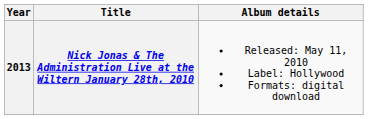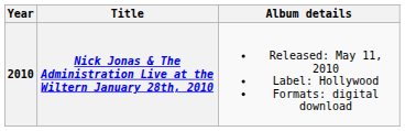 <table class="wikitable plainrowheaders" style="text-align:center;">
 <tr>
 <th scope="col" style="width:2em;">Year</th>
 <th scope="col" style="width:16em;">Title</th>
 <th scope="col" style="width:16em;">Album details</th>
 </tr>
 <tr>
-<th scope="row">2013</th>
+<th scope="row">2010</th>
 <th scope="row"><em><a href='#'>Nick Jonas & The Administration Live at the Wiltern January 28th, 2010</a></em></th>
 <td><br><ul><li>Released: May 11, 2010 </li><li>Label: Hollywood</li><li>Formats: digital download</li></ul></td>
 </tr>
 </table>
